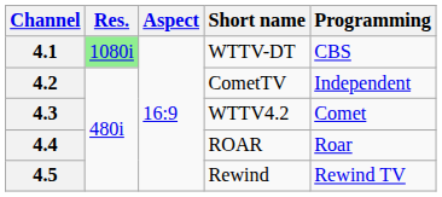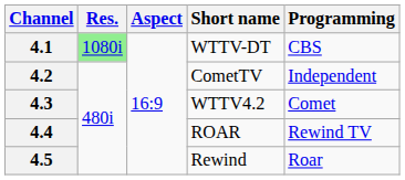 <table class="wikitable">
 <tr>
 <th scope = "col"><a href='#'>Channel</a></th>
 <th scope = "col"><a href='#'>Res.</a></th>
 <th scope = "col"><a href='#'>Aspect</a></th>
 <th scope = "col">Short name</th>
 <th scope = "col">Programming</th>
 </tr>
 <tr>
 <th scope = "row">4.1</th>
 <td style="background: lightgreen;"><a href='#'>1080i</a></td>
 <td rowspan=5><a href='#'>16:9</a></td>
 <td>WTTV-DT</td>
 <td><a href='#'>CBS</a></td>
 </tr>
 <tr>
 <th scope = "row">4.2</th>
 <td rowspan=4><a href='#'>480i</a></td>
 <td>CometTV</td>
 <td><a href='#'>Independent</a></td>
 </tr>
 <tr>
 <th scope = "row">4.3</th>
 <td>WTTV4.2</td>
 <td><a href='#'>Comet</a></td>
 </tr>
 <tr>
 <th scope = "row">4.4</th>
 <td>ROAR</td>
-<td><a href='#'>Roar</a></td>
+<td><a href='#'>Rewind TV</a></td>
 </tr>
 <tr>
 <th scope = "row">4.5</th>
 <td>Rewind</td>
-<td><a href='#'>Rewind TV</a></td>
+<td><a href='#'>Roar</a></td>
 </tr>
 </table>
